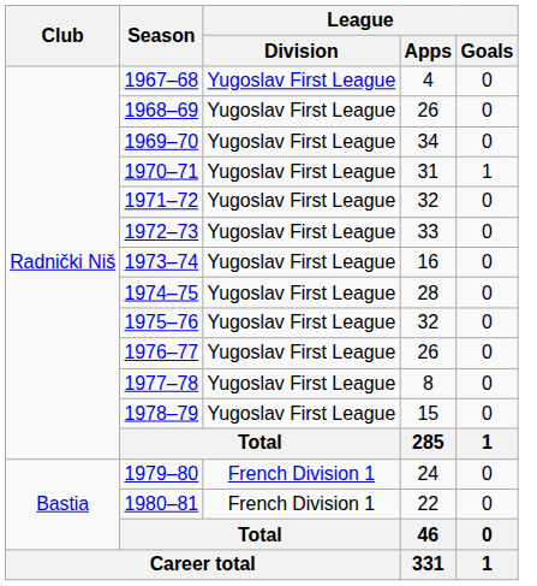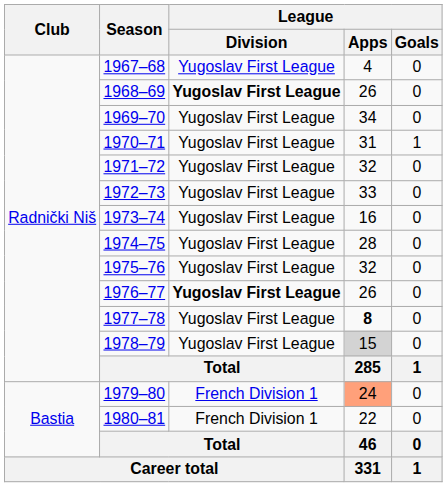 <table class="wikitable" style="text-align:center">
 <tr>
 <th rowspan="2">Club</th>
 <th rowspan="2">Season</th>
 <th colspan="3">League</th>
 </tr>
 <tr>
 <th>Division</th>
 <th>Apps</th>
 <th>Goals</th>
 </tr>
 <tr>
 <td rowspan="13"><a href='#'>Radnički Niš</a></td>
 <td><a href='#'>1967–68</a></td>
 <td><a href='#'>Yugoslav First League</a></td>
 <td>4</td>
 <td>0</td>
 </tr>
 <tr>
 <td><a href='#'>1968–69</a></td>
-<td>Yugoslav First League</td>
+<td><strong>Yugoslav First League</strong></td>
 <td>26</td>
 <td>0</td>
 </tr>
 <tr>
 <td><a href='#'>1969–70</a></td>
 <td>Yugoslav First League</td>
 <td>34</td>
 <td>0</td>
 </tr>
 <tr>
 <td><a href='#'>1970–71</a></td>
 <td>Yugoslav First League</td>
 <td>31</td>
 <td>1</td>
 </tr>
 <tr>
 <td><a href='#'>1971–72</a></td>
 <td>Yugoslav First League</td>
 <td>32</td>
 <td>0</td>
 </tr>
 <tr>
 <td><a href='#'>1972–73</a></td>
 <td>Yugoslav First League</td>
 <td>33</td>
 <td>0</td>
 </tr>
 <tr>
 <td><a href='#'>1973–74</a></td>
 <td>Yugoslav First League</td>
 <td>16</td>
 <td>0</td>
 </tr>
 <tr>
 <td><a href='#'>1974–75</a></td>
 <td>Yugoslav First League</td>
 <td>28</td>
 <td>0</td>
 </tr>
 <tr>
 <td><a href='#'>1975–76</a></td>
 <td>Yugoslav First League</td>
 <td>32</td>
 <td>0</td>
 </tr>
 <tr>
 <td><a href='#'>1976–77</a></td>
-<td>Yugoslav First League</td>
+<td><strong>Yugoslav First League</strong></td>
 <td>26</td>
 <td>0</td>
 </tr>
 <tr>
 <td><a href='#'>1977–78</a></td>
 <td>Yugoslav First League</td>
-<td>8</td>
+<td><strong>8</strong></td>
 <td>0</td>
 </tr>
 <tr>
 <td><a href='#'>1978–79</a></td>
 <td>Yugoslav First League</td>
-<td>15</td>
+<td style="background: lightgrey;">15</td>
 <td>0</td>
 </tr>
 <tr>
 <th colspan="2">Total</th>
 <th>285</th>
 <th>1</th>
 </tr>
 <tr>
 <td rowspan="3"><a href='#'>Bastia</a></td>
 <td><a href='#'>1979–80</a></td>
 <td><a href='#'>French Division 1</a></td>
-<td>24</td>
+<td style="background: lightsalmon;">24</td>
 <td>0</td>
 </tr>
 <tr>
 <td><a href='#'>1980–81</a></td>
 <td>French Division 1</td>
 <td>22</td>
 <td>0</td>
 </tr>
 <tr>
 <th colspan="2">Total</th>
 <th>46</th>
 <th>0</th>
 </tr>
 <tr>
 <th colspan="3">Career total</th>
 <th>331</th>
 <th>1</th>
 </tr>
 </table>
